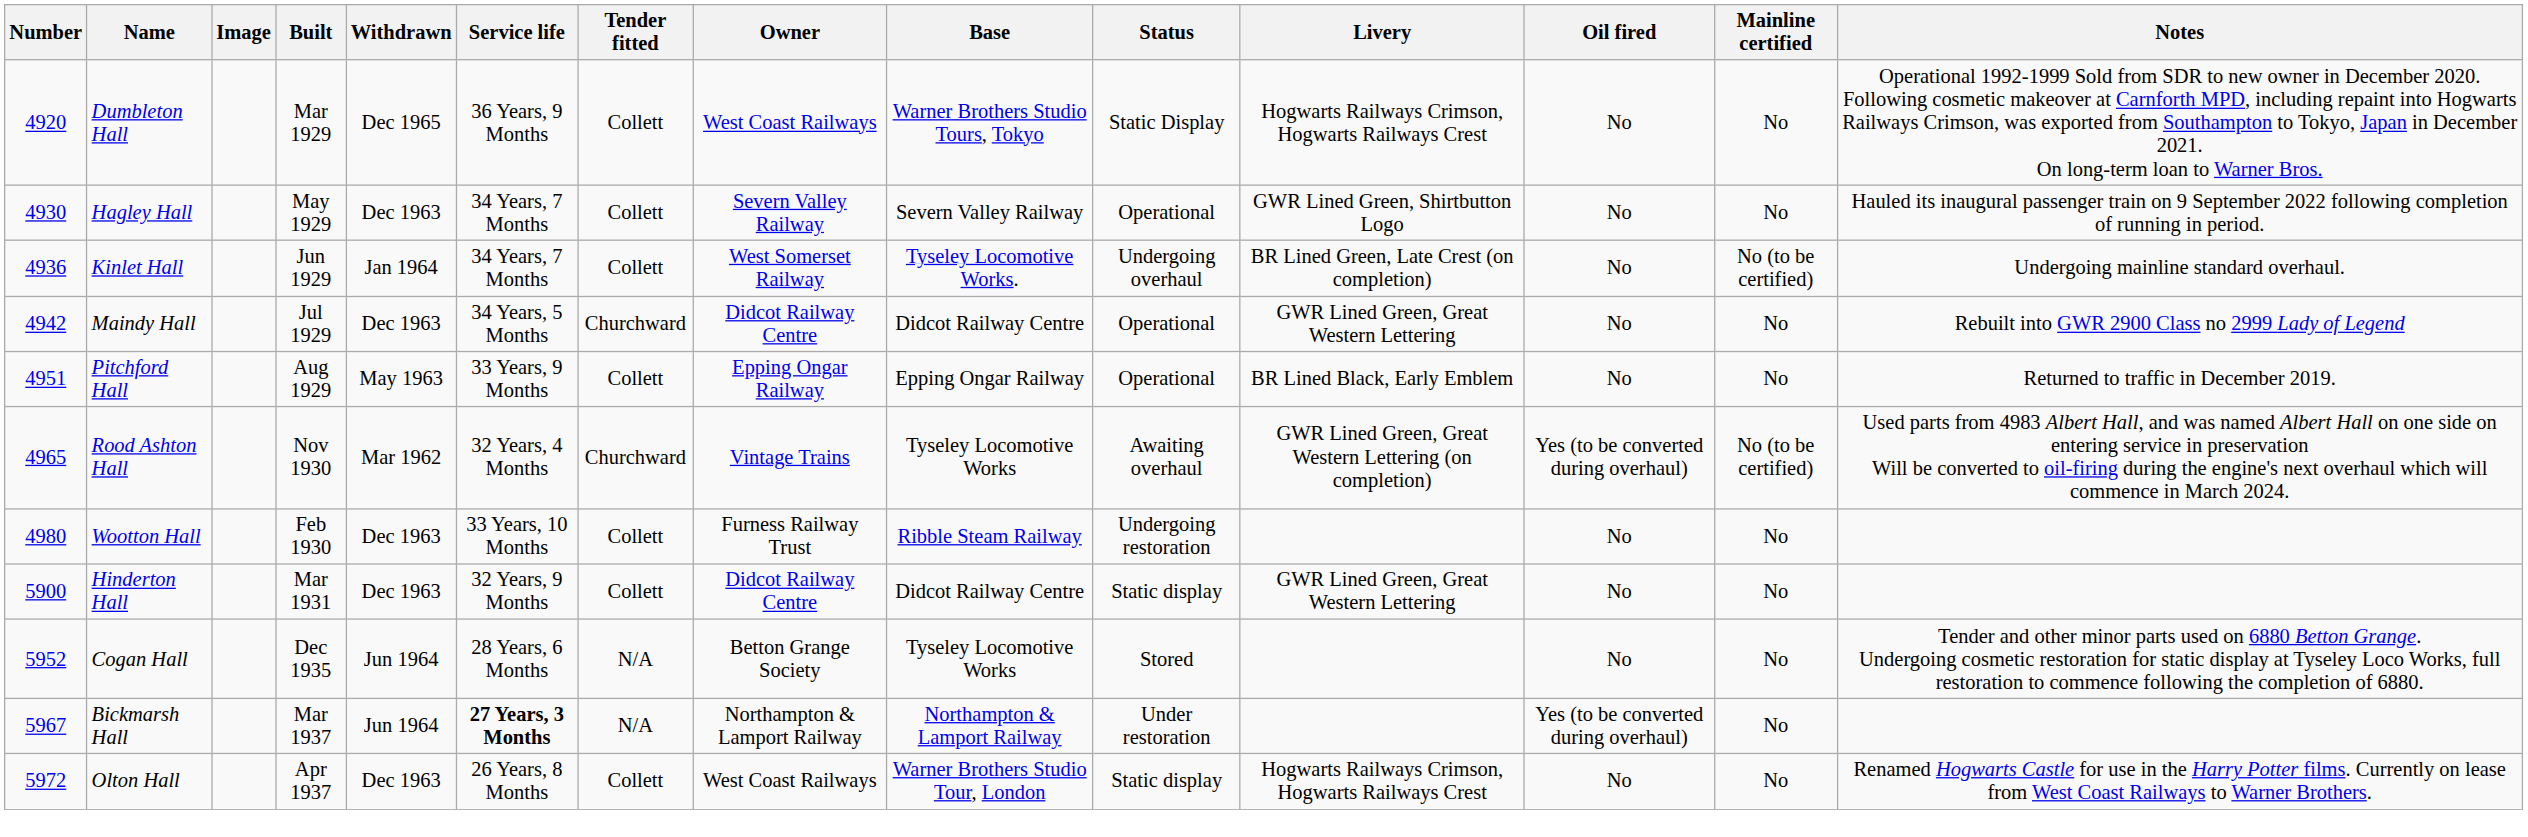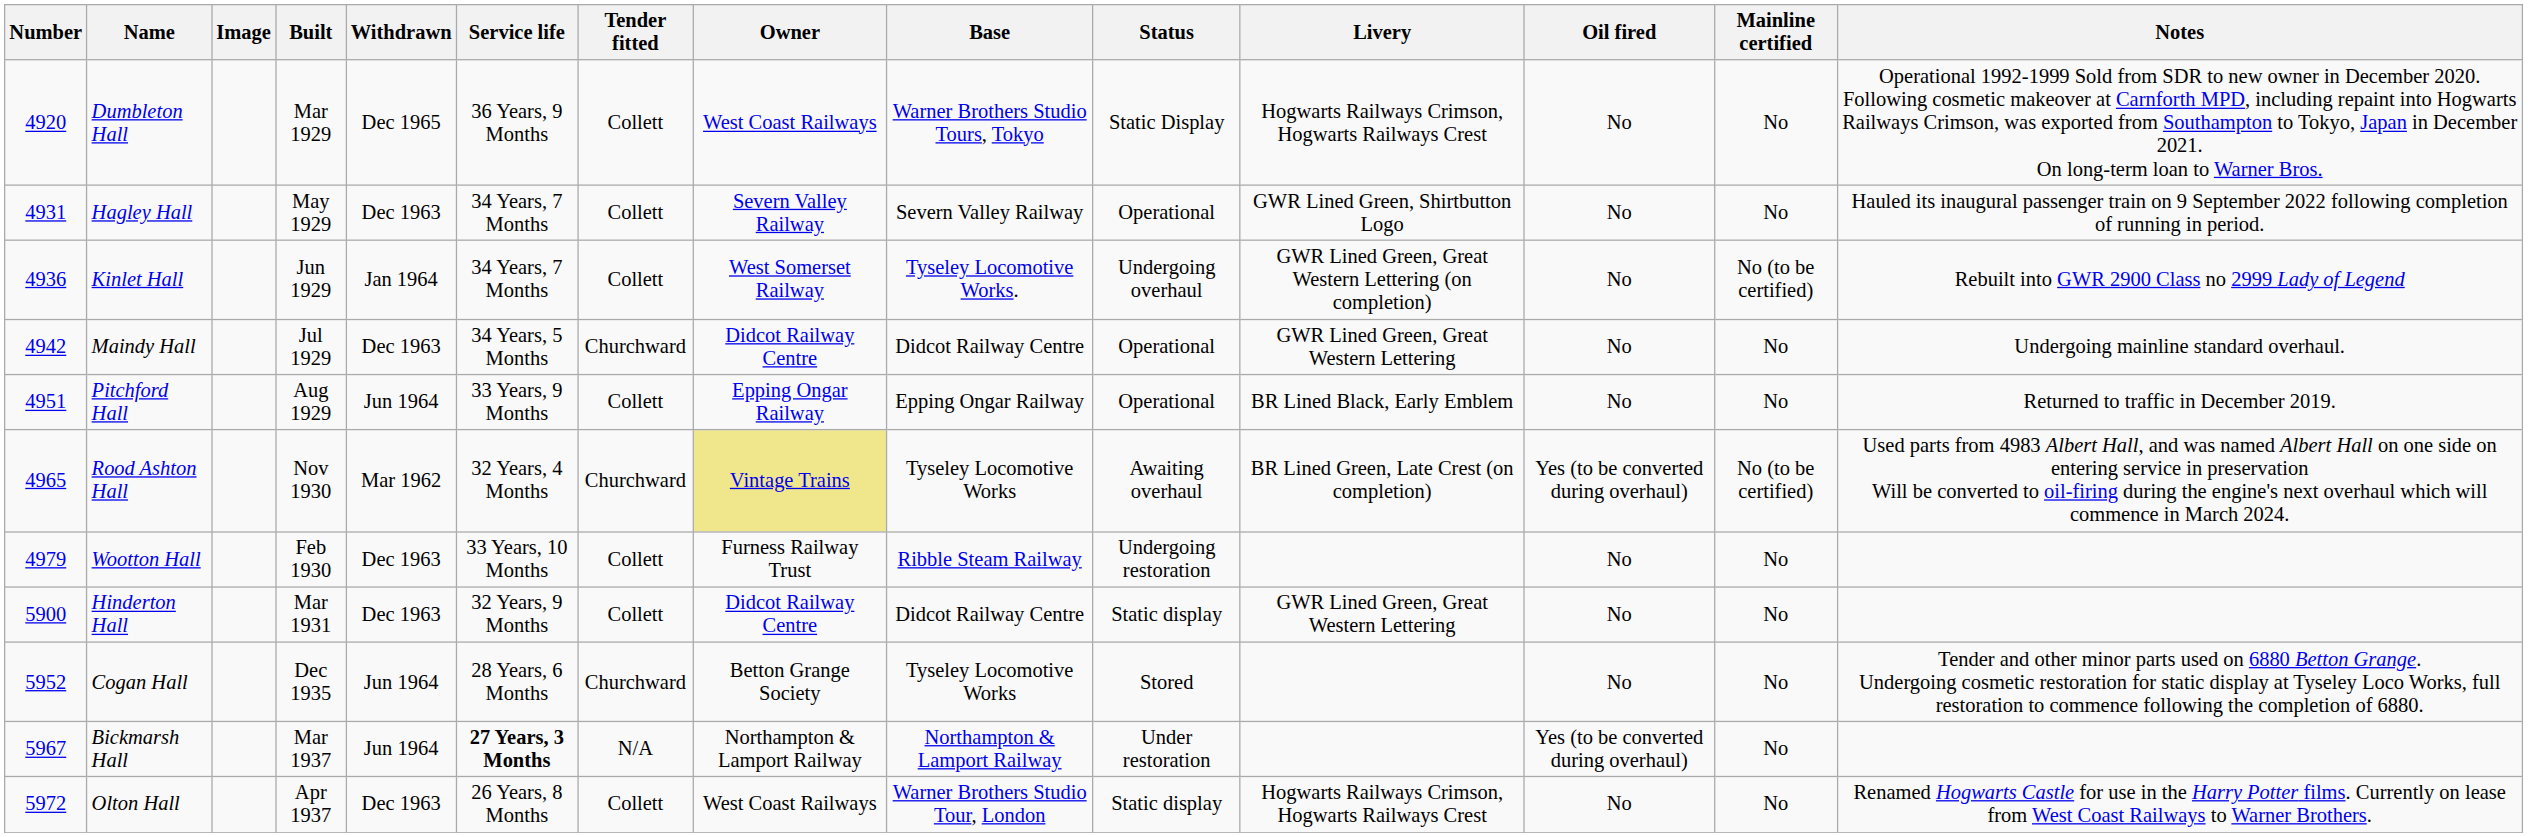 <table class="wikitable">
 <tr>
 <th>Number</th>
 <th>Name</th>
 <th>Image</th>
 <th>Built</th>
 <th>Withdrawn</th>
 <th>Service life</th>
 <th>Tender fitted</th>
 <th>Owner</th>
 <th>Base</th>
 <th>Status</th>
 <th>Livery</th>
 <th>Oil fired</th>
 <th>Mainline certified</th>
 <th>Notes</th>
 </tr>
 <tr>
 <td align=center><a href='#'>4920</a></td>
 <td><em><a href='#'>Dumbleton Hall</a></em></td>
 <td></td>
 <td align=center>Mar 1929</td>
 <td align=center>Dec 1965</td>
 <td align=center>36 Years, 9 Months</td>
 <td align=center>Collett</td>
 <td align=center><a href='#'>West Coast Railways</a></td>
 <td align=center><a href='#'>Warner Brothers Studio Tours</a>, <a href='#'>Tokyo</a></td>
 <td align=center>Static Display</td>
 <td align=center>Hogwarts Railways Crimson, Hogwarts Railways Crest</td>
 <td align=center>No</td>
 <td align=center>No</td>
 <td align=center>Operational 1992-1999 Sold from SDR to new owner in December 2020.<br>Following cosmetic makeover at <a href='#'>Carnforth MPD</a>, including repaint into Hogwarts Railways Crimson, was exported from <a href='#'>Southampton</a> to Tokyo, <a href='#'>Japan</a> in December 2021.<br>On long-term loan to <a href='#'>Warner Bros.</a></td>
 </tr>
 <tr>
-<td align=center><a href='#'>4930</a></td>
+<td align=center><a href='#'>4931</a></td>
 <td><em><a href='#'>Hagley Hall</a></em></td>
 <td></td>
 <td align=center>May 1929</td>
 <td align=center>Dec 1963</td>
 <td align=center>34 Years, 7 Months</td>
 <td align=center>Collett</td>
 <td align=center><a href='#'>Severn Valley Railway</a></td>
 <td align=center>Severn Valley Railway</td>
 <td align=center>Operational</td>
 <td align=center>GWR Lined Green, Shirtbutton Logo</td>
 <td align=center>No</td>
 <td align=center>No</td>
 <td align=center>Hauled its inaugural passenger train on 9 September 2022 following completion of running in period.</td>
 </tr>
 <tr>
 <td align=center><a href='#'>4936</a></td>
 <td><em><a href='#'>Kinlet Hall</a></em></td>
 <td></td>
 <td align=center>Jun 1929</td>
 <td align=center>Jan 1964</td>
 <td align=center>34 Years, 7 Months</td>
 <td align=center>Collett</td>
 <td align=center><a href='#'>West Somerset Railway</a></td>
 <td align=center><a href='#'>Tyseley Locomotive Works</a>.</td>
 <td align=center>Undergoing overhaul</td>
-<td align=center>BR Lined Green, Late Crest (on completion)</td>
+<td align=center>GWR Lined Green, Great Western Lettering (on completion)</td>
 <td align=center>No</td>
 <td align=center>No (to be certified)</td>
-<td align=center>Undergoing mainline standard overhaul.</td>
+<td align=center>Rebuilt into <a href='#'>GWR 2900 Class</a> no <a href='#'>2999 <em>Lady of Legend</em></a></td>
 </tr>
 <tr>
 <td align=center><a href='#'>4942</a></td>
 <td><em>Maindy Hall</em></td>
 <td></td>
 <td align=center>Jul 1929</td>
 <td align=center>Dec 1963</td>
 <td align=center>34 Years, 5 Months</td>
 <td align=center>Churchward</td>
 <td align=center><a href='#'>Didcot Railway Centre</a></td>
 <td align=center>Didcot Railway Centre</td>
 <td align=center>Operational</td>
 <td align=center>GWR Lined Green, Great Western Lettering</td>
 <td align=center>No</td>
 <td align=center>No</td>
-<td align=center>Rebuilt into <a href='#'>GWR 2900 Class</a> no <a href='#'>2999 <em>Lady of Legend</em></a></td>
+<td align=center>Undergoing mainline standard overhaul.</td>
 </tr>
 <tr>
 <td align=center><a href='#'>4951</a></td>
 <td><em><a href='#'>Pitchford Hall</a></em></td>
 <td></td>
 <td align=center>Aug 1929</td>
-<td align=center>May 1963</td>
+<td align=center>Jun 1964</td>
 <td align=center>33 Years, 9 Months</td>
 <td align=center>Collett</td>
 <td align=center><a href='#'>Epping Ongar Railway</a></td>
 <td align=center>Epping Ongar Railway</td>
 <td align=center>Operational</td>
 <td align=center>BR Lined Black, Early Emblem</td>
 <td align=center>No</td>
 <td align=center>No</td>
 <td align=center>Returned to traffic in December 2019.</td>
 </tr>
 <tr>
 <td align=center><a href='#'>4965</a></td>
 <td><em><a href='#'>Rood Ashton Hall</a></em></td>
 <td></td>
 <td align=center>Nov 1930</td>
 <td align=center>Mar 1962</td>
 <td align=center>32 Years, 4 Months</td>
 <td align=center>Churchward</td>
-<td align=center><a href='#'>Vintage Trains</a></td>
+<td align=center style="background: khaki;"><a href='#'>Vintage Trains</a></td>
 <td align=center>Tyseley Locomotive Works</td>
 <td align=center>Awaiting overhaul</td>
-<td align=center>GWR Lined Green, Great Western Lettering (on completion)</td>
+<td align=center>BR Lined Green, Late Crest (on completion)</td>
 <td align=center>Yes (to be converted during overhaul)<br></td>
 <td align=center>No (to be certified)</td>
 <td align=center>Used parts from 4983 <em>Albert Hall</em>, and was named <em>Albert Hall</em> on one side on entering service in preservation<br>Will be converted to <a href='#'>oil-firing</a> during the engine's next overhaul which will commence in March 2024. </td>
 </tr>
 <tr>
-<td align=center><a href='#'>4980</a></td>
+<td align=center><a href='#'>4979</a></td>
 <td><em><a href='#'>Wootton Hall</a></em></td>
 <td></td>
 <td align=center>Feb 1930</td>
 <td align=center>Dec 1963</td>
 <td align=center>33 Years, 10 Months</td>
 <td align=center>Collett</td>
 <td align=center>Furness Railway Trust</td>
 <td align=center><a href='#'>Ribble Steam Railway</a></td>
 <td align=center>Undergoing restoration</td>
 <td align=center></td>
 <td align=center>No</td>
 <td align=center>No</td>
 <td align=center></td>
 </tr>
 <tr>
 <td align=center><a href='#'>5900</a></td>
 <td><em><a href='#'>Hinderton Hall</a></em></td>
 <td></td>
 <td align=center>Mar 1931</td>
 <td align=center>Dec 1963</td>
 <td align=center>32 Years, 9 Months</td>
 <td align=center>Collett</td>
 <td align=center><a href='#'>Didcot Railway Centre</a></td>
 <td align=center>Didcot Railway Centre</td>
 <td align=center>Static display</td>
 <td align=center>GWR Lined Green, Great Western Lettering</td>
 <td align=center>No</td>
 <td align=center>No</td>
 <td align=center></td>
 </tr>
 <tr>
 <td align=center><a href='#'>5952</a></td>
 <td><em>Cogan Hall</em></td>
 <td></td>
 <td align=center>Dec 1935</td>
 <td align=center>Jun 1964</td>
 <td align=center>28 Years, 6 Months</td>
-<td align=center>N/A</td>
+<td align=center>Churchward</td>
 <td align=center>Betton Grange Society</td>
 <td align=center>Tyseley Locomotive Works</td>
 <td align=center>Stored</td>
 <td align=center></td>
 <td align=center>No</td>
 <td align=center>No</td>
 <td align=center>Tender and other minor parts used on <a href='#'>6880 <em>Betton Grange</em></a>.<br>Undergoing cosmetic restoration for static display at Tyseley Loco Works, full restoration to commence following the completion of 6880.</td>
 </tr>
 <tr>
 <td align=center><a href='#'>5967</a></td>
 <td><em>Bickmarsh Hall</em></td>
 <td></td>
 <td align=center>Mar 1937</td>
 <td align=center>Jun 1964</td>
 <td align=center><strong>27 Years, 3 Months</strong></td>
 <td align=center>N/A</td>
 <td align=center>Northampton & Lamport Railway</td>
 <td align=center><a href='#'>Northampton & Lamport Railway</a></td>
 <td align=center>Under restoration</td>
 <td align=center></td>
 <td align=center>Yes (to be converted during overhaul)<br></td>
 <td align=center>No</td>
 <td align=center></td>
 </tr>
 <tr>
 <td align=center><a href='#'>5972</a></td>
 <td><em>Olton Hall</em></td>
 <td></td>
 <td align=center>Apr 1937</td>
 <td align=center>Dec 1963</td>
 <td align=center>26 Years, 8 Months</td>
 <td align=center>Collett</td>
 <td align=center>West Coast Railways</td>
 <td align=center><a href='#'>Warner Brothers Studio Tour</a>, <a href='#'>London</a></td>
 <td align=center>Static display</td>
 <td align=center>Hogwarts Railways Crimson, Hogwarts Railways Crest</td>
 <td align=center>No</td>
 <td align=center>No</td>
 <td align=center>Renamed <em><a href='#'>Hogwarts Castle</a></em> for use in the <a href='#'><em>Harry Potter</em> films</a>. Currently on lease from <a href='#'>West Coast Railways</a> to <a href='#'>Warner Brothers</a>.</td>
 </tr>
 </table>
